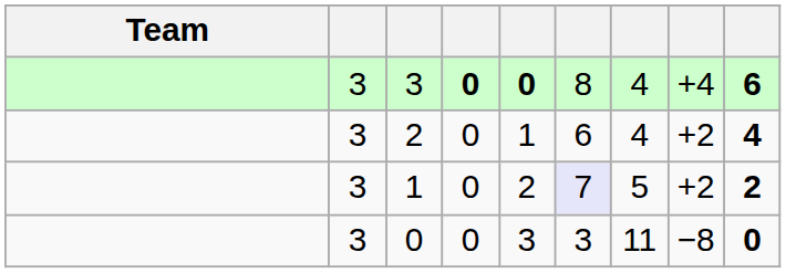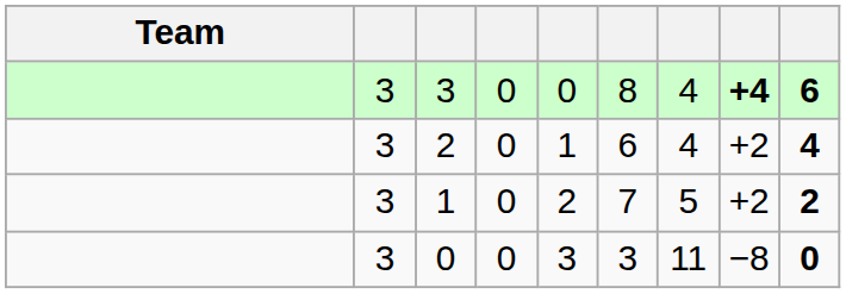 <table class="wikitable" style="text-align:center;">
 <tr>
 <th width=150>Team</th>
 <th width=20></th>
 <th width=20></th>
 <th width=20></th>
 <th width=20></th>
 <th width=20></th>
 <th width=20></th>
 <th width=20></th>
 <th width=20></th>
 </tr>
 <tr bgcolor="#ccffcc">
 <td align=left></td>
 <td>3</td>
 <td>3</td>
-<td><strong>0</strong></td>
-<td><strong>0</strong></td>
+<td>0</td>
+<td>0</td>
 <td>8</td>
 <td>4</td>
-<td>+4</td>
+<td><strong>+4</strong></td>
 <td><strong>6</strong></td>
 </tr>
 <tr>
 <td align=left></td>
 <td>3</td>
 <td>2</td>
 <td>0</td>
 <td>1</td>
 <td>6</td>
 <td>4</td>
 <td>+2</td>
 <td><strong>4</strong></td>
 </tr>
 <tr>
 <td align=left></td>
 <td>3</td>
 <td>1</td>
 <td>0</td>
 <td>2</td>
-<td style="background: lavender;">7</td>
+<td>7</td>
 <td>5</td>
 <td>+2</td>
 <td><strong>2</strong></td>
 </tr>
 <tr>
 <td align=left></td>
 <td>3</td>
 <td>0</td>
 <td>0</td>
 <td>3</td>
 <td>3</td>
 <td>11</td>
 <td>−8</td>
 <td><strong>0</strong></td>
 </tr>
 </table>
